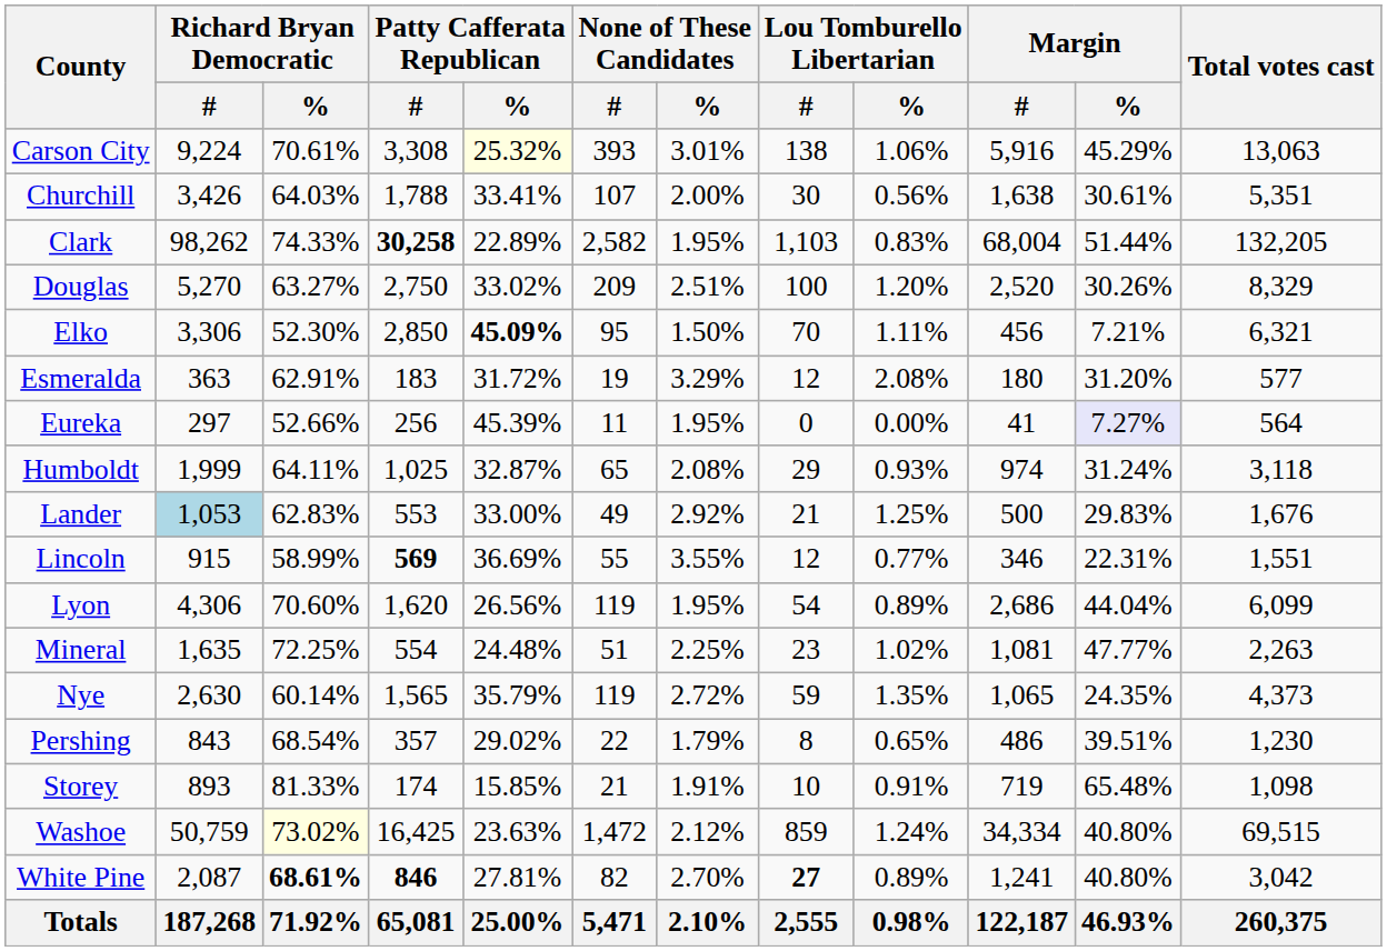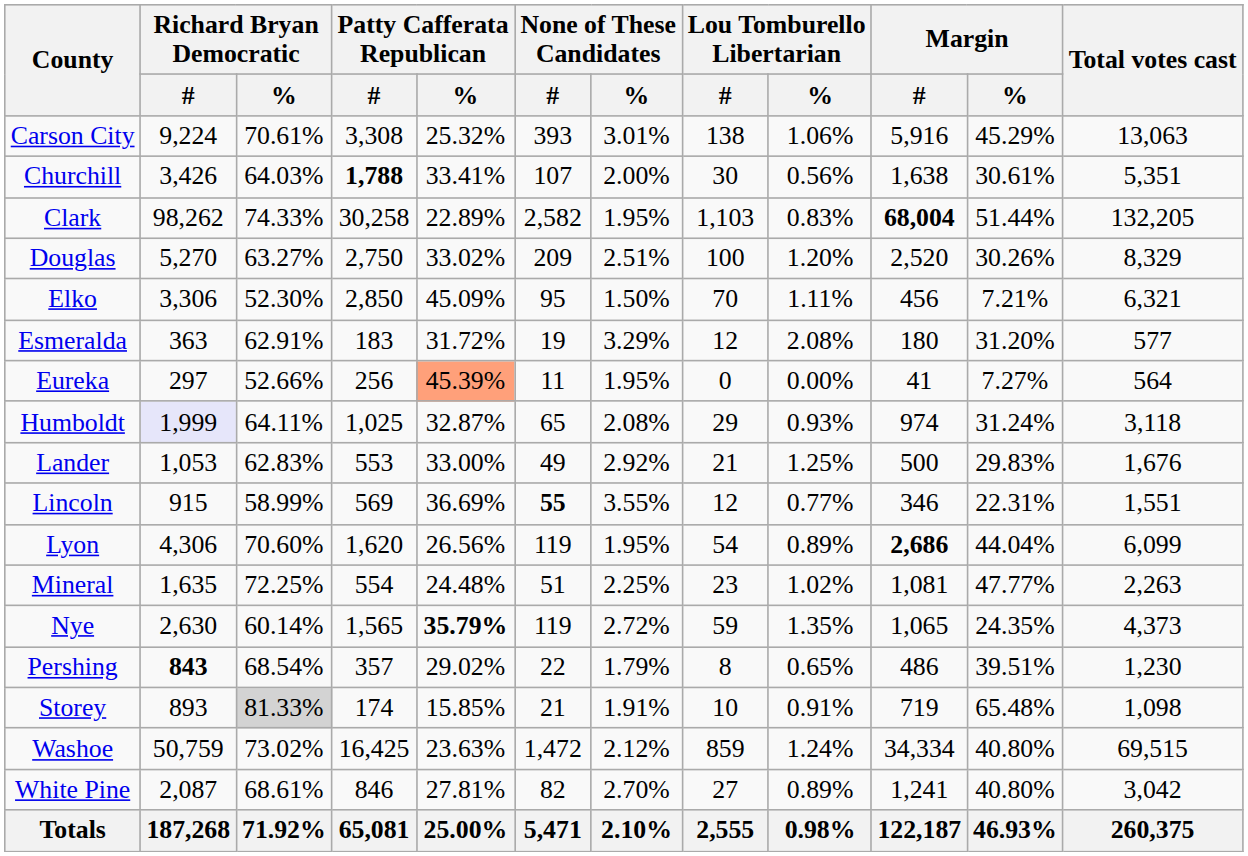 <table class="wikitable sortable" style="text-align:center">
 <tr>
 <th rowspan="2">County</th>
 <th style="text-align:center;" colspan="2">Richard Bryan<br>Democratic</th>
 <th style="text-align:center;" colspan="2">Patty Cafferata<br>Republican</th>
 <th style="text-align:center;" colspan="2">None of These<br>Candidates</th>
 <th style="text-align:center;" colspan="2">Lou Tomburello<br>Libertarian</th>
 <th style="text-align:center;" colspan="2">Margin</th>
 <th style="text-align:center;" rowspan="2">Total votes cast</th>
 </tr>
 <tr>
 <th style="text-align:center;" data-sort-type="number">#</th>
 <th style="text-align:center;" data-sort-type="number">%</th>
 <th style="text-align:center;" data-sort-type="number">#</th>
 <th style="text-align:center;" data-sort-type="number">%</th>
 <th style="text-align:center;" data-sort-type="number">#</th>
 <th style="text-align:center;" data-sort-type="number">%</th>
 <th style="text-align:center;" data-sort-type="number">#</th>
 <th style="text-align:center;" data-sort-type="number">%</th>
 <th style="text-align:center;" data-sort-type="number">#</th>
 <th style="text-align:center;" data-sort-type="number">%</th>
 </tr>
 <tr style="text-align:center;">
 <td><a href='#'>Carson City</a></td>
 <td>9,224</td>
 <td>70.61%</td>
 <td>3,308</td>
-<td style="background: lightyellow;">25.32%</td>
+<td>25.32%</td>
 <td>393</td>
 <td>3.01%</td>
 <td>138</td>
 <td>1.06%</td>
 <td>5,916</td>
 <td>45.29%</td>
 <td>13,063</td>
 </tr>
 <tr style="text-align:center;">
 <td><a href='#'>Churchill</a></td>
 <td>3,426</td>
 <td>64.03%</td>
-<td>1,788</td>
+<td><strong>1,788</strong></td>
 <td>33.41%</td>
 <td>107</td>
 <td>2.00%</td>
 <td>30</td>
 <td>0.56%</td>
 <td>1,638</td>
 <td>30.61%</td>
 <td>5,351</td>
 </tr>
 <tr style="text-align:center;">
 <td><a href='#'>Clark</a></td>
 <td>98,262</td>
 <td>74.33%</td>
-<td><strong>30,258</strong></td>
+<td>30,258</td>
 <td>22.89%</td>
 <td>2,582</td>
 <td>1.95%</td>
 <td>1,103</td>
 <td>0.83%</td>
-<td>68,004</td>
+<td><strong>68,004</strong></td>
 <td>51.44%</td>
 <td>132,205</td>
 </tr>
 <tr style="text-align:center;">
 <td><a href='#'>Douglas</a></td>
 <td>5,270</td>
 <td>63.27%</td>
 <td>2,750</td>
 <td>33.02%</td>
 <td>209</td>
 <td>2.51%</td>
 <td>100</td>
 <td>1.20%</td>
 <td>2,520</td>
 <td>30.26%</td>
 <td>8,329</td>
 </tr>
 <tr style="text-align:center;">
 <td><a href='#'>Elko</a></td>
 <td>3,306</td>
 <td>52.30%</td>
 <td>2,850</td>
-<td><strong>45.09%</strong></td>
+<td>45.09%</td>
 <td>95</td>
 <td>1.50%</td>
 <td>70</td>
 <td>1.11%</td>
 <td>456</td>
 <td>7.21%</td>
 <td>6,321</td>
 </tr>
 <tr style="text-align:center;">
 <td><a href='#'>Esmeralda</a></td>
 <td>363</td>
 <td>62.91%</td>
 <td>183</td>
 <td>31.72%</td>
 <td>19</td>
 <td>3.29%</td>
 <td>12</td>
 <td>2.08%</td>
 <td>180</td>
 <td>31.20%</td>
 <td>577</td>
 </tr>
 <tr style="text-align:center;">
 <td><a href='#'>Eureka</a></td>
 <td>297</td>
 <td>52.66%</td>
 <td>256</td>
-<td>45.39%</td>
+<td style="background: lightsalmon;">45.39%</td>
 <td>11</td>
 <td>1.95%</td>
 <td>0</td>
 <td>0.00%</td>
 <td>41</td>
-<td style="background: lavender;">7.27%</td>
+<td>7.27%</td>
 <td>564</td>
 </tr>
 <tr style="text-align:center;">
 <td><a href='#'>Humboldt</a></td>
-<td>1,999</td>
+<td style="background: lavender;">1,999</td>
 <td>64.11%</td>
 <td>1,025</td>
 <td>32.87%</td>
 <td>65</td>
 <td>2.08%</td>
 <td>29</td>
 <td>0.93%</td>
 <td>974</td>
 <td>31.24%</td>
 <td>3,118</td>
 </tr>
 <tr style="text-align:center;">
 <td><a href='#'>Lander</a></td>
-<td style="background: lightblue;">1,053</td>
+<td>1,053</td>
 <td>62.83%</td>
 <td>553</td>
 <td>33.00%</td>
 <td>49</td>
 <td>2.92%</td>
 <td>21</td>
 <td>1.25%</td>
 <td>500</td>
 <td>29.83%</td>
 <td>1,676</td>
 </tr>
 <tr style="text-align:center;">
 <td><a href='#'>Lincoln</a></td>
 <td>915</td>
 <td>58.99%</td>
-<td><strong>569</strong></td>
+<td>569</td>
 <td>36.69%</td>
-<td>55</td>
+<td><strong>55</strong></td>
 <td>3.55%</td>
 <td>12</td>
 <td>0.77%</td>
 <td>346</td>
 <td>22.31%</td>
 <td>1,551</td>
 </tr>
 <tr style="text-align:center;">
 <td><a href='#'>Lyon</a></td>
 <td>4,306</td>
 <td>70.60%</td>
 <td>1,620</td>
 <td>26.56%</td>
 <td>119</td>
 <td>1.95%</td>
 <td>54</td>
 <td>0.89%</td>
-<td>2,686</td>
+<td><strong>2,686</strong></td>
 <td>44.04%</td>
 <td>6,099</td>
 </tr>
 <tr style="text-align:center;">
 <td><a href='#'>Mineral</a></td>
 <td>1,635</td>
 <td>72.25%</td>
 <td>554</td>
 <td>24.48%</td>
 <td>51</td>
 <td>2.25%</td>
 <td>23</td>
 <td>1.02%</td>
 <td>1,081</td>
 <td>47.77%</td>
 <td>2,263</td>
 </tr>
 <tr style="text-align:center;">
 <td><a href='#'>Nye</a></td>
 <td>2,630</td>
 <td>60.14%</td>
 <td>1,565</td>
-<td>35.79%</td>
+<td><strong>35.79%</strong></td>
 <td>119</td>
 <td>2.72%</td>
 <td>59</td>
 <td>1.35%</td>
 <td>1,065</td>
 <td>24.35%</td>
 <td>4,373</td>
 </tr>
 <tr style="text-align:center;">
 <td><a href='#'>Pershing</a></td>
-<td>843</td>
+<td><strong>843</strong></td>
 <td>68.54%</td>
 <td>357</td>
 <td>29.02%</td>
 <td>22</td>
 <td>1.79%</td>
 <td>8</td>
 <td>0.65%</td>
 <td>486</td>
 <td>39.51%</td>
 <td>1,230</td>
 </tr>
 <tr style="text-align:center;">
 <td><a href='#'>Storey</a></td>
 <td>893</td>
-<td>81.33%</td>
+<td style="background: lightgrey;">81.33%</td>
 <td>174</td>
 <td>15.85%</td>
 <td>21</td>
 <td>1.91%</td>
 <td>10</td>
 <td>0.91%</td>
 <td>719</td>
 <td>65.48%</td>
 <td>1,098</td>
 </tr>
 <tr style="text-align:center;">
 <td><a href='#'>Washoe</a></td>
 <td>50,759</td>
-<td style="background: lightyellow;">73.02%</td>
+<td>73.02%</td>
 <td>16,425</td>
 <td>23.63%</td>
 <td>1,472</td>
 <td>2.12%</td>
 <td>859</td>
 <td>1.24%</td>
 <td>34,334</td>
 <td>40.80%</td>
 <td>69,515</td>
 </tr>
 <tr style="text-align:center;">
 <td><a href='#'>White Pine</a></td>
 <td>2,087</td>
-<td><strong>68.61%</strong></td>
-<td><strong>846</strong></td>
+<td>68.61%</td>
+<td>846</td>
 <td>27.81%</td>
 <td>82</td>
 <td>2.70%</td>
-<td><strong>27</strong></td>
+<td>27</td>
 <td>0.89%</td>
 <td>1,241</td>
 <td>40.80%</td>
 <td>3,042</td>
 </tr>
 <tr style="text-align:center;">
 <th>Totals</th>
 <th>187,268</th>
 <th>71.92%</th>
 <th>65,081</th>
 <th>25.00%</th>
 <th>5,471</th>
 <th>2.10%</th>
 <th>2,555</th>
 <th>0.98%</th>
 <th>122,187</th>
 <th>46.93%</th>
 <th>260,375</th>
 </tr>
 </table>
